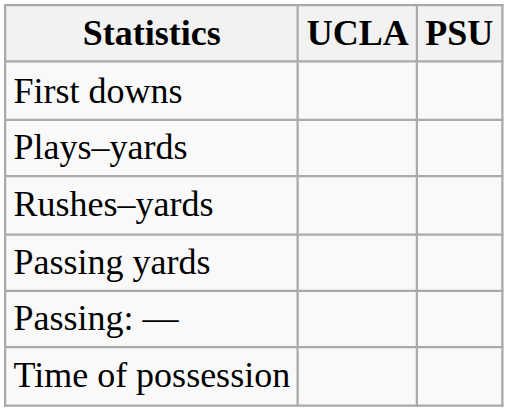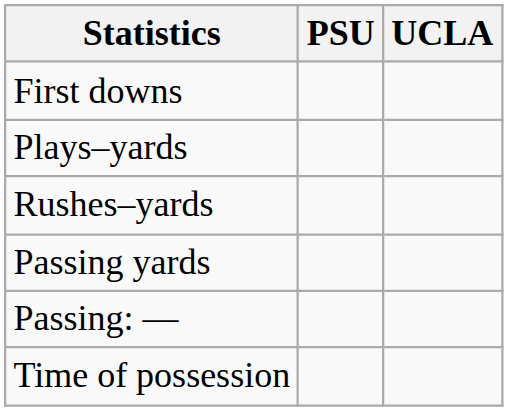 <table class="wikitable" style="float:left">
 <tr>
 <th>Statistics</th>
+<th>PSU</th>
 <th>UCLA</th>
-<th>PSU</th>
 </tr>
 <tr>
 <td>First downs</td>
 <td></td>
 <td></td>
 </tr>
 <tr>
 <td>Plays–yards</td>
 <td></td>
 <td></td>
 </tr>
 <tr>
 <td>Rushes–yards</td>
 <td></td>
 <td></td>
 </tr>
 <tr>
 <td>Passing yards</td>
 <td></td>
 <td></td>
 </tr>
 <tr>
 <td>Passing: ––</td>
 <td></td>
 <td></td>
 </tr>
 <tr>
 <td>Time of possession</td>
 <td></td>
 <td></td>
 </tr>
 </table>
